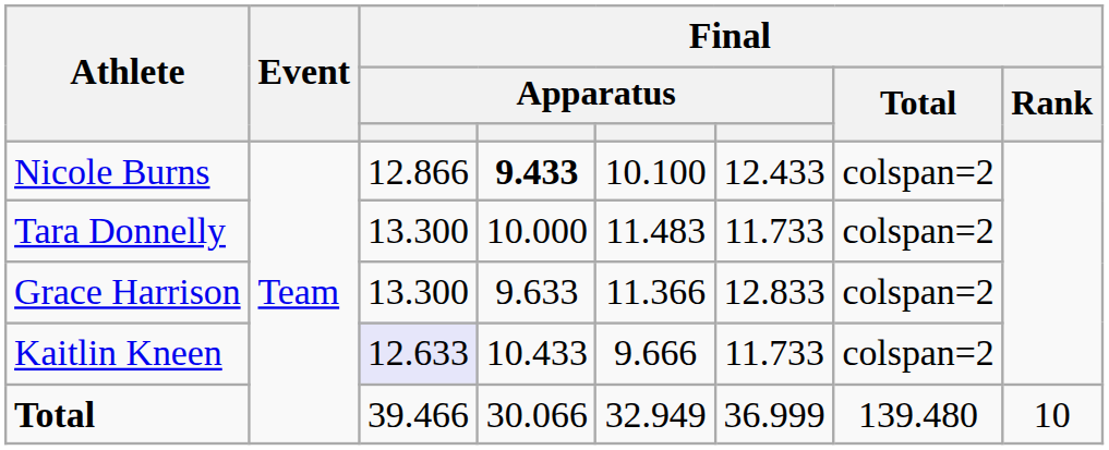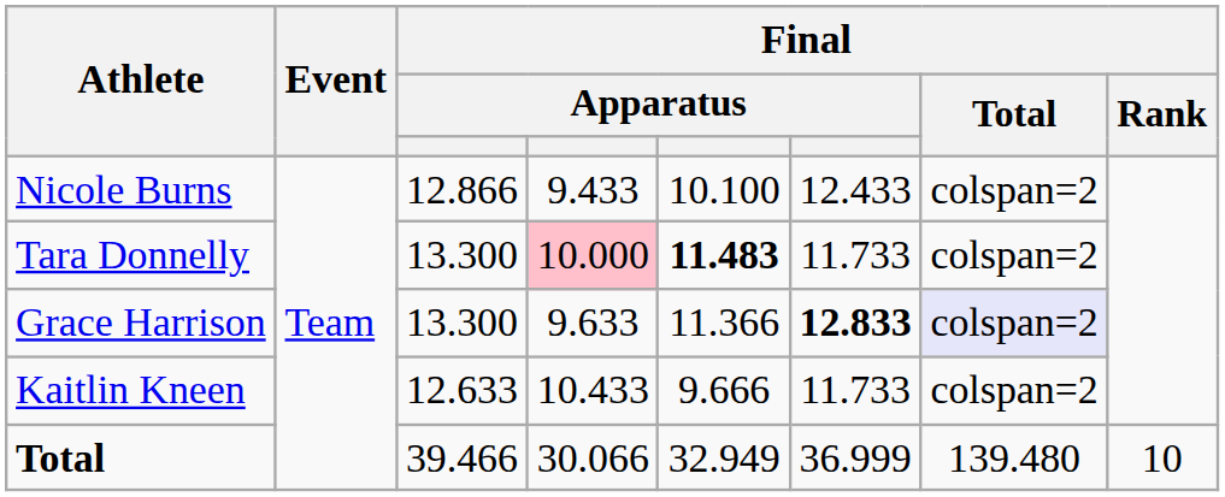 <table class="wikitable" style="font-size:90%">
 <tr>
 <th rowspan=3>Athlete</th>
 <th rowspan=3>Event</th>
 <th colspan=6>Final</th>
 </tr>
 <tr style="font-size:95%">
 <th colspan=4>Apparatus</th>
 <th rowspan=2>Total</th>
 <th rowspan=2>Rank</th>
 </tr>
 <tr style="font-size:95%">
 <th></th>
 <th></th>
 <th></th>
 <th></th>
 </tr>
 <tr align=center>
 <td align=left><a href='#'>Nicole Burns</a></td>
 <td align=left rowspan=5><a href='#'>Team</a></td>
 <td>12.866</td>
-<td><strong>9.433</strong></td>
+<td>9.433</td>
 <td>10.100</td>
 <td>12.433</td>
 <td>colspan=2 </td>
 </tr>
 <tr align=center>
 <td align=left><a href='#'>Tara Donnelly</a></td>
 <td>13.300</td>
-<td>10.000</td>
-<td>11.483</td>
+<td style="background: pink;">10.000</td>
+<td><strong>11.483</strong></td>
 <td>11.733</td>
 <td>colspan=2 </td>
 </tr>
 <tr align=center>
 <td align=left><a href='#'>Grace Harrison</a></td>
 <td>13.300</td>
 <td>9.633</td>
 <td>11.366</td>
-<td>12.833</td>
-<td>colspan=2 </td>
+<td><strong>12.833</strong></td>
+<td style="background: lavender;">colspan=2 </td>
 </tr>
 <tr align=center>
 <td align=left><a href='#'>Kaitlin Kneen</a></td>
-<td style="background: lavender;">12.633</td>
+<td>12.633</td>
 <td>10.433</td>
 <td>9.666</td>
 <td>11.733</td>
 <td>colspan=2 </td>
 </tr>
 <tr align=center>
 <td align=left><strong>Total</strong></td>
 <td>39.466</td>
 <td>30.066</td>
 <td>32.949</td>
 <td>36.999</td>
 <td>139.480</td>
 <td>10</td>
 </tr>
 </table>
